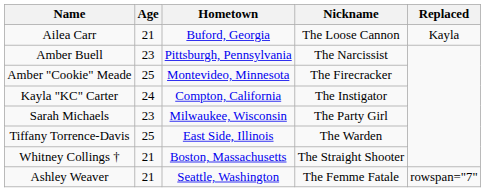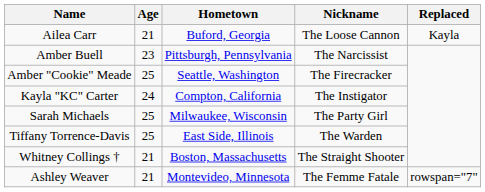 <table class="wikitable sortable plainrowheaders" style="text-align:center;">
 <tr>
 <th scope="col">Name</th>
 <th scope="col">Age</th>
 <th scope="col">Hometown</th>
 <th scope="col">Nickname</th>
 <th scope="col">Replaced</th>
 </tr>
 <tr>
 <td scope="row">Ailea Carr</td>
 <td>21</td>
 <td><a href='#'>Buford, Georgia</a></td>
 <td>The Loose Cannon</td>
 <td>Kayla</td>
 </tr>
 <tr>
 <td scope="row">Amber Buell</td>
 <td>23</td>
 <td><a href='#'>Pittsburgh, Pennsylvania</a></td>
 <td>The Narcissist</td>
 </tr>
 <tr>
 <td scope="row">Amber "Cookie" Meade</td>
 <td>25</td>
-<td><a href='#'>Montevideo, Minnesota</a></td>
+<td><a href='#'>Seattle, Washington</a></td>
 <td>The Firecracker</td>
 </tr>
 <tr>
 <td scope="row">Kayla "KC" Carter</td>
 <td>24</td>
 <td><a href='#'>Compton, California</a></td>
 <td>The Instigator</td>
 </tr>
 <tr>
 <td scope="row">Sarah Michaels</td>
-<td>23</td>
+<td>25</td>
 <td><a href='#'>Milwaukee, Wisconsin</a></td>
 <td>The Party Girl</td>
 </tr>
 <tr>
 <td scope="row">Tiffany Torrence-Davis</td>
 <td>25</td>
 <td><a href='#'>East Side, Illinois</a></td>
 <td>The Warden</td>
 </tr>
 <tr>
 <td scope="row">Whitney Collings †</td>
 <td>21</td>
 <td><a href='#'>Boston, Massachusetts</a></td>
 <td>The Straight Shooter</td>
 </tr>
 <tr>
 <td scope="row">Ashley Weaver</td>
 <td>21</td>
-<td><a href='#'>Seattle, Washington</a></td>
+<td><a href='#'>Montevideo, Minnesota</a></td>
 <td>The Femme Fatale</td>
 <td>rowspan="7" </td>
 </tr>
 </table>
